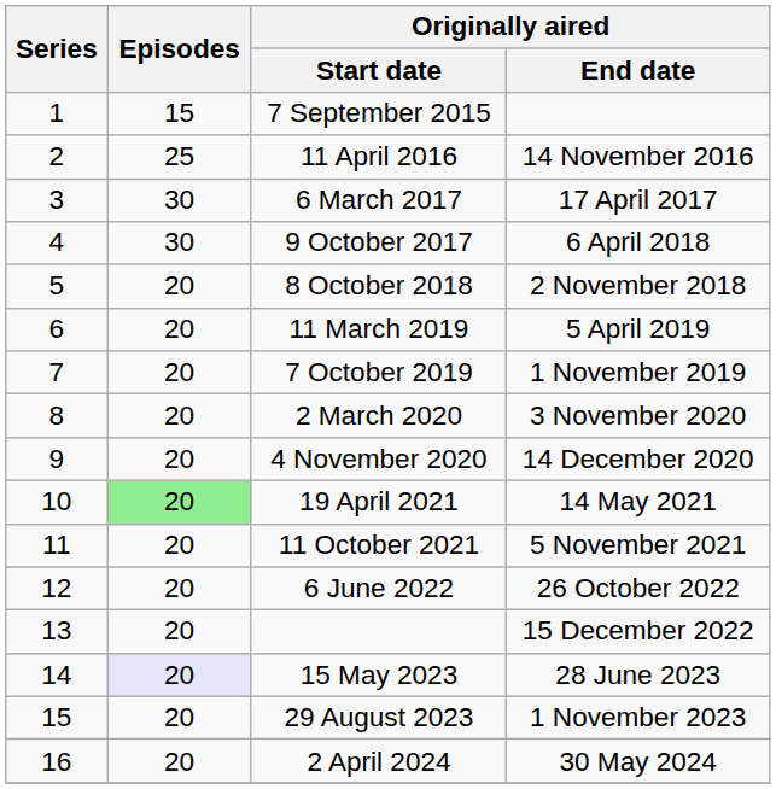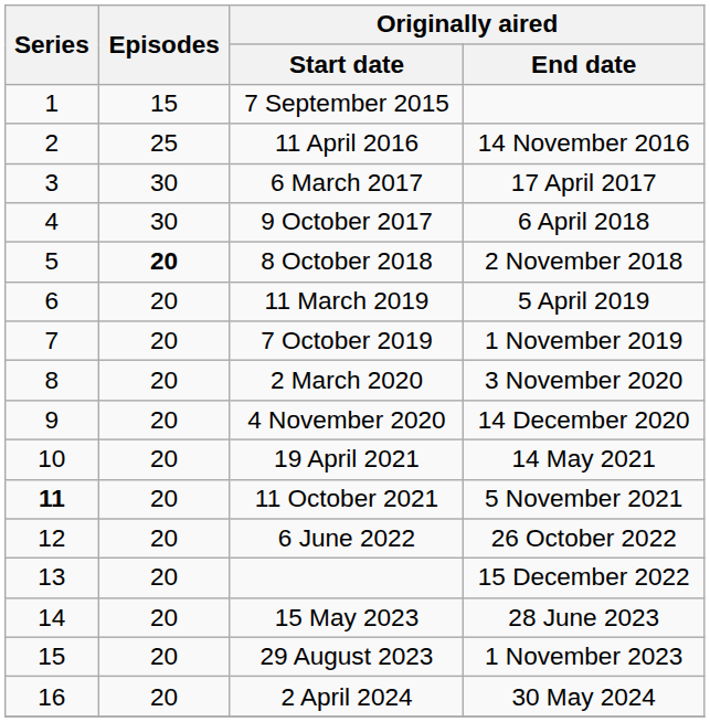 <table class="wikitable" style="text-align:center; width:450px;">
 <tr>
 <th rowspan="2">Series</th>
 <th rowspan="2">Episodes</th>
 <th colspan="2">Originally aired</th>
 </tr>
 <tr>
 <th>Start date</th>
 <th>End date</th>
 </tr>
 <tr>
 <td scope="row">1</td>
 <td>15</td>
 <td>7 September 2015</td>
 <td></td>
 </tr>
 <tr>
 <td scope="row">2</td>
 <td>25</td>
 <td>11 April 2016</td>
 <td>14 November 2016</td>
 </tr>
 <tr>
 <td scope="row">3</td>
 <td>30</td>
 <td>6 March 2017</td>
 <td>17 April 2017</td>
 </tr>
 <tr>
 <td scope="row">4</td>
 <td>30</td>
 <td>9 October 2017</td>
 <td>6 April 2018</td>
 </tr>
 <tr>
 <td scope="row">5</td>
-<td>20</td>
+<td><strong>20</strong></td>
 <td>8 October 2018</td>
 <td>2 November 2018</td>
 </tr>
 <tr>
 <td scope="row*">6</td>
 <td>20</td>
 <td>11 March 2019</td>
 <td>5 April 2019</td>
 </tr>
 <tr>
 <td scope="row*">7</td>
 <td>20</td>
 <td>7 October 2019</td>
 <td>1 November 2019</td>
 </tr>
 <tr>
 <td scope="row*">8</td>
 <td>20</td>
 <td>2 March 2020</td>
 <td>3 November 2020</td>
 </tr>
 <tr>
 <td scope="row*">9</td>
 <td>20</td>
 <td>4 November 2020</td>
 <td>14 December 2020</td>
 </tr>
 <tr>
 <td scope="row*">10</td>
-<td style="background: lightgreen;">20</td>
+<td>20</td>
 <td>19 April 2021</td>
 <td>14 May 2021</td>
 </tr>
 <tr>
-<td scope="row*">11</td>
+<td scope="row*"><strong>11</strong></td>
 <td>20</td>
 <td>11 October 2021</td>
 <td>5 November 2021</td>
 </tr>
 <tr>
 <td scope="row*">12</td>
 <td>20</td>
 <td>6 June 2022</td>
 <td>26 October 2022</td>
 </tr>
 <tr>
 <td scope="row*">13</td>
 <td>20</td>
 <td></td>
 <td>15 December 2022</td>
 </tr>
 <tr>
 <td scope="row*">14</td>
-<td style="background: lavender;">20</td>
+<td>20</td>
 <td>15 May 2023</td>
 <td>28 June 2023</td>
 </tr>
 <tr>
 <td scope="row*">15</td>
 <td>20</td>
 <td>29 August 2023</td>
 <td>1 November 2023</td>
 </tr>
 <tr>
 <td scope="row*">16</td>
 <td>20</td>
 <td>2 April 2024</td>
 <td>30 May 2024</td>
 </tr>
 <tr>
 </tr>
 </table>
